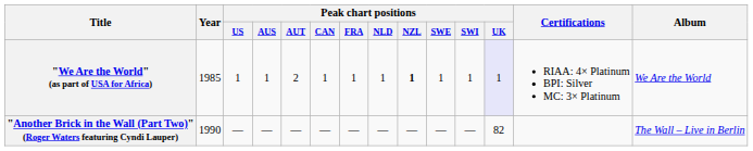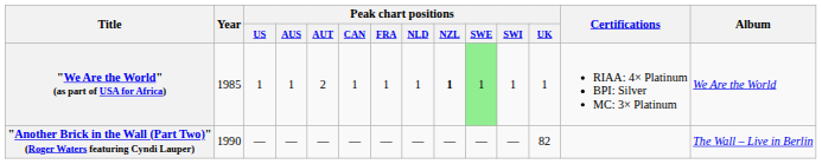 <table class="wikitable plainrowheaders">
 <tr>
 <th scope="col" rowspan="2">Title</th>
 <th scope="col" rowspan="2">Year</th>
 <th scope="col" colspan="10">Peak chart positions</th>
 <th scope="col" rowspan="2"><a href='#'>Certifications</a></th>
 <th scope="col" rowspan="2">Album</th>
 </tr>
 <tr>
 <th scope="col" style="width:35px;"><small><a href='#'>US</a></small></th>
 <th scope="col" style="width:35px;"><small><a href='#'>AUS</a></small><br></th>
 <th scope="col" style="width:35px;"><small><a href='#'>AUT</a></small><br></th>
 <th scope="col" style="width:35px;"><small><a href='#'>CAN</a></small></th>
 <th scope="col" style="width:35px;"><small><a href='#'>FRA</a></small><br></th>
 <th scope="col" style="width:35px;"><small><a href='#'>NLD</a></small></th>
 <th scope="col" style="width:35px;"><small><a href='#'>NZL</a></small><br></th>
 <th scope="col" style="width:35px;"><small><a href='#'>SWE</a></small><br></th>
 <th scope="col" style="width:35px;"><small><a href='#'>SWI</a></small><br></th>
 <th scope="col" style="width:35px;"><small><a href='#'>UK</a></small><br></th>
 </tr>
 <tr>
 <th scope="row">"<a href='#'>We Are the World</a>"<br><small>(as part of <a href='#'>USA for Africa</a>)</small></th>
 <td>1985</td>
 <td align=center>1</td>
 <td align=center>1</td>
 <td align=center>2</td>
 <td align=center>1</td>
 <td align=center>1</td>
 <td align=center>1</td>
 <td align=center><strong>1</strong></td>
+<td align=center style="background: lightgreen;">1</td>
 <td align=center>1</td>
 <td align=center>1</td>
-<td align=center style="background: lavender;">1</td>
 <td><br><ul><li>RIAA: 4× Platinum</li><li>BPI: Silver</li><li>MC: 3× Platinum</li></ul></td>
 <td style="text-align:left;"><em><a href='#'>We Are the World</a></em></td>
 </tr>
 <tr>
 <th scope="row">"<a href='#'>Another Brick in the Wall (Part Two)</a>"<br><small>(<a href='#'>Roger Waters</a> featuring Cyndi Lauper)</small></th>
 <td>1990</td>
 <td align=center>—</td>
 <td align=center>—</td>
 <td align=center>—</td>
 <td align=center>—</td>
 <td align=center>—</td>
 <td align=center>—</td>
 <td align=center>—</td>
 <td align=center>—</td>
 <td align=center>—</td>
 <td align=center>82</td>
 <td></td>
 <td style="text-align:left;"><em><a href='#'>The Wall – Live in Berlin</a></em></td>
 </tr>
 </table>
